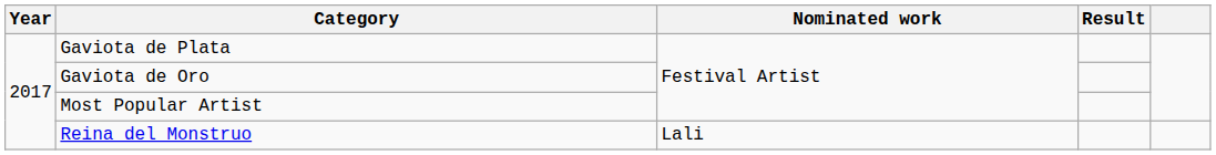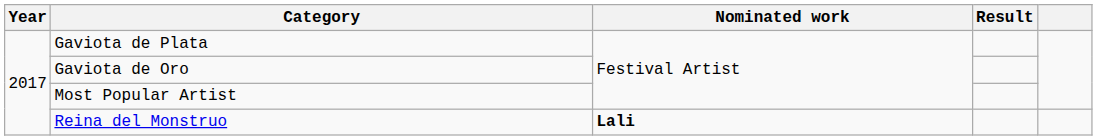 <table class="wikitable plainrowheaders" style="width:70%;">
 <tr>
 <th scope="col" style="width:4%;">Year</th>
 <th scope="col" style="width:50%;">Category</th>
 <th scope="col" style="width:35%;">Nominated work</th>
 <th scope="col" style="width:6%;">Result</th>
 <th scope="col" style="width:6%;"></th>
 </tr>
 <tr>
 <td rowspan="4">2017</td>
 <td>Gaviota de Plata</td>
 <td rowspan="3">Festival Artist</td>
 <td></td>
 <td rowspan="3"></td>
 </tr>
 <tr>
 <td>Gaviota de Oro</td>
 <td></td>
 </tr>
 <tr>
 <td>Most Popular Artist</td>
 <td></td>
 </tr>
 <tr>
 <td><a href='#'>Reina del Monstruo</a></td>
-<td>Lali</td>
+<td><strong>Lali</strong></td>
 <td></td>
 <td></td>
 </tr>
 </table>
